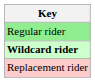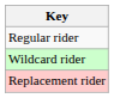 <table class="wikitable" style="font-size: 85%;">
 <tr>
 <th colspan=2>Key</th>
 </tr>
 <tr>
-<td style="background: lightgreen;">Regular rider</td>
+<td>Regular rider</td>
 </tr>
 <tr style="background:#ccffcc;">
-<td><strong>Wildcard rider</strong></td>
+<td>Wildcard rider</td>
 </tr>
 <tr style="background:#ffcccc;">
 <td>Replacement rider</td>
 </tr>
 </table>
